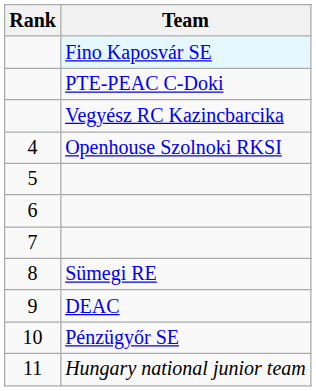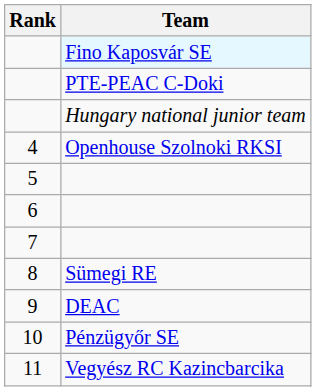 <table class="wikitable">
 <tr>
 <th>Rank</th>
 <th>Team</th>
 </tr>
 <tr>
 <td style="text-align: center"></td>
 <td style="background: #e6f8ff"><a href='#'>Fino Kaposvár SE</a></td>
 </tr>
 <tr>
 <td style="text-align: center"></td>
 <td><a href='#'>PTE-PEAC C-Doki</a></td>
 </tr>
 <tr>
 <td style="text-align: center"></td>
-<td><a href='#'>Vegyész RC Kazincbarcika</a></td>
+<td><em>Hungary national junior team</em></td>
 </tr>
 <tr>
 <td style="text-align: center">4</td>
 <td><a href='#'>Openhouse Szolnoki RKSI</a></td>
 </tr>
 <tr>
 <td style="text-align: center">5</td>
 <td></td>
 </tr>
 <tr>
 <td style="text-align: center">6</td>
 <td></td>
 </tr>
 <tr>
 <td style="text-align: center">7</td>
 <td></td>
 </tr>
 <tr>
 <td style="text-align: center">8</td>
 <td><a href='#'>Sümegi RE</a></td>
 </tr>
 <tr>
 <td style="text-align: center">9</td>
 <td><a href='#'>DEAC</a></td>
 </tr>
 <tr>
 <td style="text-align: center">10</td>
 <td><a href='#'>Pénzügyőr SE</a></td>
 </tr>
 <tr>
 <td style="text-align: center">11</td>
-<td><em>Hungary national junior team</em></td>
+<td><a href='#'>Vegyész RC Kazincbarcika</a></td>
 </tr>
 </table>
